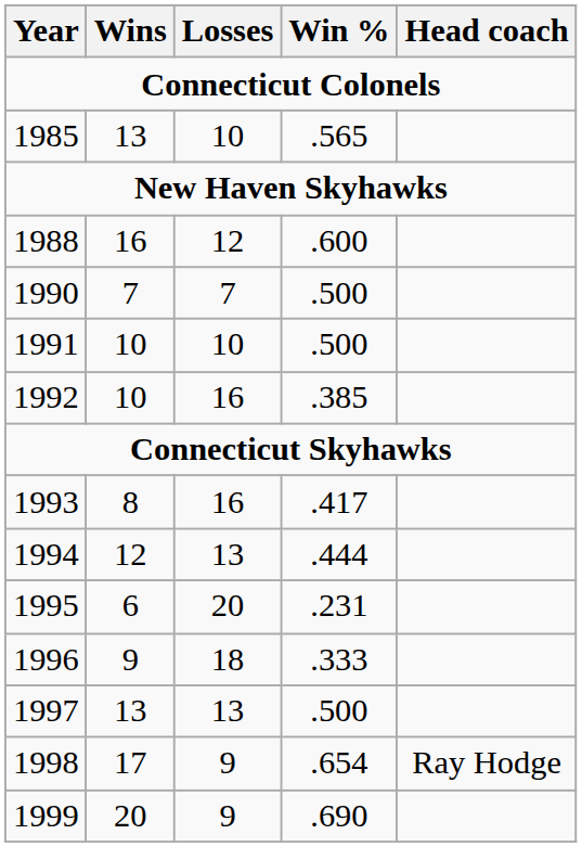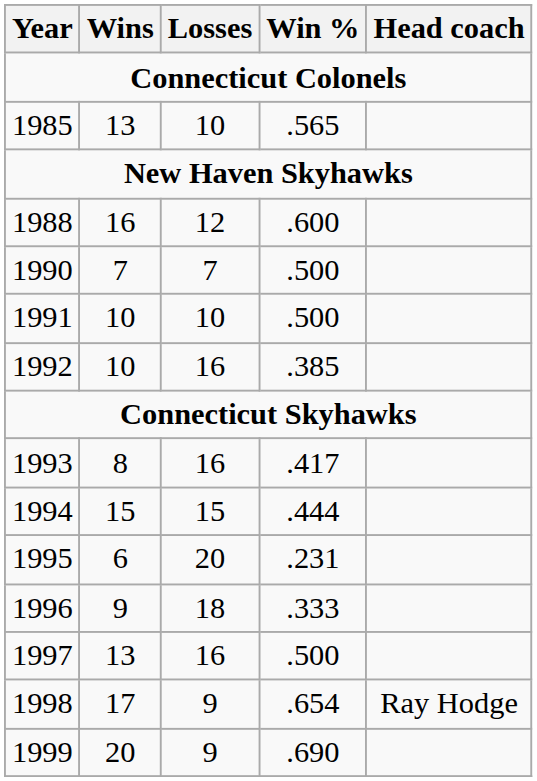 <table class="wikitable" style="text-align:center">
 <tr>
 <th>Year</th>
 <th>Wins</th>
 <th>Losses</th>
 <th>Win %</th>
 <th>Head coach</th>
 </tr>
 <tr>
 <td colspan="6" style="text-align:center;"><strong>Connecticut Colonels</strong></td>
 </tr>
 <tr>
 <td>1985</td>
 <td>13</td>
 <td>10</td>
 <td>.565</td>
 <td></td>
 </tr>
 <tr>
 <td colspan="6" style="text-align:center;"><strong>New Haven Skyhawks</strong></td>
 </tr>
 <tr>
 <td>1988</td>
 <td>16</td>
 <td>12</td>
 <td>.600</td>
 <td></td>
 </tr>
 <tr>
 <td>1990</td>
 <td>7</td>
 <td>7</td>
 <td>.500</td>
 <td></td>
 </tr>
 <tr>
 <td>1991</td>
 <td>10</td>
 <td>10</td>
 <td>.500</td>
 <td></td>
 </tr>
 <tr>
 <td>1992</td>
 <td>10</td>
 <td>16</td>
 <td>.385</td>
 <td></td>
 </tr>
 <tr>
 <td colspan="6" style="text-align:center;"><strong>Connecticut Skyhawks</strong></td>
 </tr>
 <tr>
 <td>1993</td>
 <td>8</td>
 <td>16</td>
 <td>.417</td>
 <td></td>
 </tr>
 <tr>
 <td>1994</td>
-<td>12</td>
-<td>13</td>
+<td>15</td>
+<td>15</td>
 <td>.444</td>
 <td></td>
 </tr>
 <tr>
 <td>1995</td>
 <td>6</td>
 <td>20</td>
 <td>.231</td>
 <td></td>
 </tr>
 <tr>
 <td>1996</td>
 <td>9</td>
 <td>18</td>
 <td>.333</td>
 <td></td>
 </tr>
 <tr>
 <td>1997</td>
 <td>13</td>
-<td>13</td>
+<td>16</td>
 <td>.500</td>
 <td></td>
 </tr>
 <tr>
 <td>1998</td>
 <td>17</td>
 <td>9</td>
 <td>.654</td>
 <td>Ray Hodge</td>
 </tr>
 <tr>
 <td>1999</td>
 <td>20</td>
 <td>9</td>
 <td>.690</td>
 <td></td>
 </tr>
 <tr>
 </tr>
 </table>
